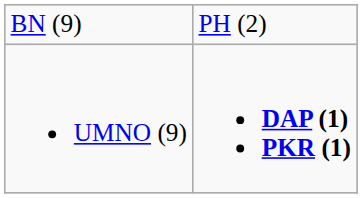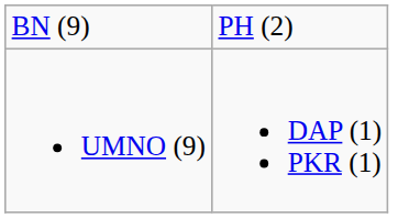 <table class="wikitable">
 <tr>
 <td> <a href='#'>BN</a> (9)</td>
 <td> <a href='#'>PH</a> (2)</td>
 </tr>
 <tr>
 <td><br><ul><li> <a href='#'>UMNO</a> (9)</li></ul></td>
-<td><strong><br><ul><li> <a href='#'>DAP</a> (1)</li><li> <a href='#'>PKR</a> (1)</li></ul></strong></td>
+<td><br><ul><li> <a href='#'>DAP</a> (1)</li><li> <a href='#'>PKR</a> (1)</li></ul></td>
 </tr>
 </table>
